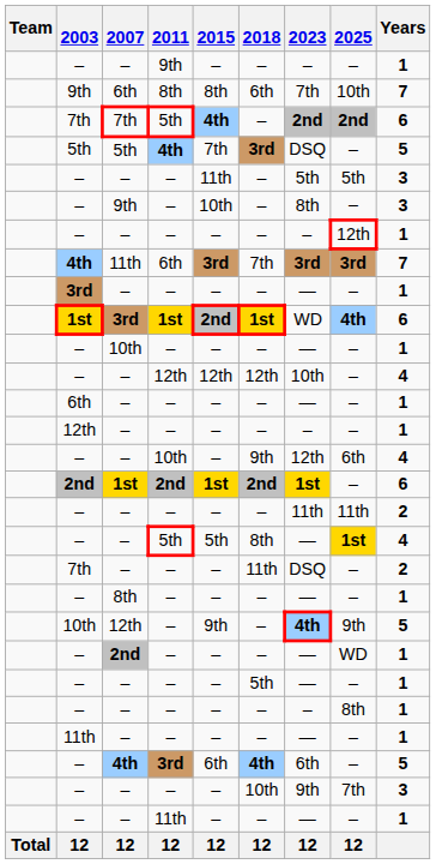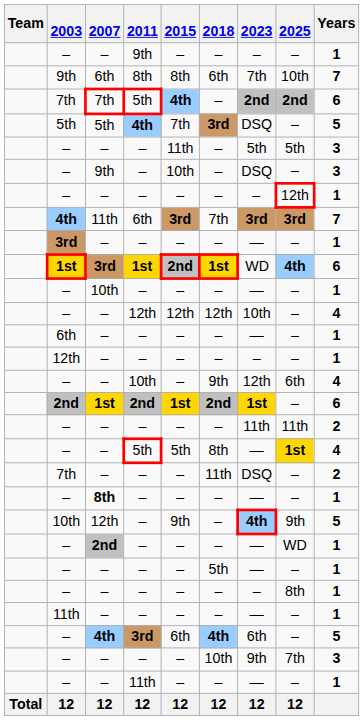 <table class="wikitable" style="text-align: center">
 <tr>
 <th>Team</th>
 <th><br><a href='#'>2003</a></th>
 <th><br><a href='#'>2007</a></th>
 <th><br><a href='#'>2011</a></th>
 <th><br><a href='#'>2015</a></th>
 <th><br><a href='#'>2018</a></th>
 <th><br><a href='#'>2023</a></th>
 <th><br><a href='#'>2025</a></th>
 <th>Years</th>
 </tr>
 <tr>
 <td align=left></td>
 <td>–</td>
 <td>–</td>
 <td>9th</td>
 <td>–</td>
 <td>–</td>
 <td>–</td>
 <td>–</td>
 <td><strong>1</strong></td>
 </tr>
 <tr>
 <td align=left></td>
 <td>9th</td>
 <td>6th</td>
 <td>8th</td>
 <td>8th</td>
 <td>6th</td>
 <td>7th</td>
 <td>10th</td>
 <td><strong>7</strong></td>
 </tr>
 <tr>
 <td align=left></td>
 <td>7th</td>
 <td style="border:3px solid red">7th</td>
 <td style="border:3px solid red">5th</td>
 <td bgcolor=9acdff><strong>4th</strong></td>
 <td>–</td>
 <td bgcolor=silver><strong>2nd</strong></td>
 <td bgcolor=silver><strong>2nd</strong></td>
 <td><strong>6</strong></td>
 </tr>
 <tr>
 <td align=left></td>
 <td>5th</td>
 <td>5th</td>
 <td bgcolor=9acdff><strong>4th</strong></td>
 <td>7th</td>
 <td bgcolor=cc9966><strong>3rd</strong></td>
 <td>DSQ</td>
 <td>–</td>
 <td><strong>5</strong></td>
 </tr>
 <tr>
 <td align=left></td>
 <td>–</td>
 <td>–</td>
 <td>–</td>
 <td>11th</td>
 <td>–</td>
 <td>5th</td>
 <td>5th</td>
 <td><strong>3</strong></td>
 </tr>
 <tr>
 <td align=left></td>
 <td>–</td>
 <td>9th</td>
 <td>–</td>
 <td>10th</td>
 <td>–</td>
-<td>8th</td>
+<td>DSQ</td>
 <td>–</td>
 <td><strong>3</strong></td>
 </tr>
 <tr>
 <td align=left></td>
 <td>–</td>
 <td>–</td>
 <td>–</td>
 <td>–</td>
 <td>–</td>
 <td>–</td>
 <td style="border:3px solid red">12th</td>
 <td><strong>1</strong></td>
 </tr>
 <tr>
 <td align=left></td>
 <td bgcolor=9acdff><strong>4th</strong></td>
 <td>11th</td>
 <td>6th</td>
 <td bgcolor=cc9966><strong>3rd</strong></td>
 <td>7th</td>
 <td bgcolor=cc9966><strong>3rd</strong></td>
 <td bgcolor=cc9966><strong>3rd</strong></td>
 <td><strong>7</strong></td>
 </tr>
 <tr>
 <td align=left></td>
 <td bgcolor=cc9966><strong>3rd</strong></td>
 <td>–</td>
 <td>–</td>
 <td>–</td>
 <td>–</td>
 <td>—</td>
 <td>–</td>
 <td><strong>1</strong></td>
 </tr>
 <tr>
 <td align=left></td>
 <td bgcolor=gold style="border:3px solid red"><strong>1st</strong></td>
 <td bgcolor=cc9966><strong>3rd</strong></td>
 <td bgcolor=gold><strong>1st</strong></td>
 <td bgcolor=silver style="border:3px solid red"><strong>2nd</strong></td>
 <td bgcolor=gold style="border:3px solid red"><strong>1st</strong></td>
 <td>WD</td>
 <td bgcolor=9acdff><strong>4th</strong></td>
 <td><strong>6</strong></td>
 </tr>
 <tr>
 <td align=left></td>
 <td>–</td>
 <td>10th</td>
 <td>–</td>
 <td>–</td>
 <td>–</td>
 <td>—</td>
 <td>–</td>
 <td><strong>1</strong></td>
 </tr>
 <tr>
 <td align=left></td>
 <td>–</td>
 <td>–</td>
 <td>12th</td>
 <td>12th</td>
 <td>12th</td>
 <td>10th</td>
 <td>–</td>
 <td><strong>4</strong></td>
 </tr>
 <tr>
 <td align=left></td>
 <td>6th</td>
 <td>–</td>
 <td>–</td>
 <td>–</td>
 <td>–</td>
 <td>—</td>
 <td>–</td>
 <td><strong>1</strong></td>
 </tr>
 <tr>
 <td align=left></td>
 <td>12th</td>
 <td>–</td>
 <td>–</td>
 <td>–</td>
 <td>–</td>
 <td>–</td>
 <td>–</td>
 <td><strong>1</strong></td>
 </tr>
 <tr>
 <td align=left></td>
 <td>–</td>
 <td>–</td>
 <td>10th</td>
 <td>–</td>
 <td>9th</td>
 <td>12th</td>
 <td>6th</td>
 <td><strong>4</strong></td>
 </tr>
 <tr>
 <td align=left></td>
 <td bgcolor=silver><strong>2nd</strong></td>
 <td bgcolor=gold><strong>1st</strong></td>
 <td bgcolor=silver><strong>2nd</strong></td>
 <td bgcolor=gold><strong>1st</strong></td>
 <td bgcolor=silver><strong>2nd</strong></td>
 <td bgcolor=gold><strong>1st</strong></td>
 <td>–</td>
 <td><strong>6</strong></td>
 </tr>
 <tr>
 <td align=left></td>
 <td>–</td>
 <td>–</td>
 <td>–</td>
 <td>–</td>
 <td>–</td>
 <td>11th</td>
 <td>11th</td>
 <td><strong>2</strong></td>
 </tr>
 <tr>
 <td align=left></td>
 <td>–</td>
 <td>–</td>
 <td style="border:3px solid red">5th</td>
 <td>5th</td>
 <td>8th</td>
 <td>—</td>
 <td bgcolor=gold><strong>1st</strong></td>
 <td><strong>4</strong></td>
 </tr>
 <tr>
 <td align=left></td>
 <td>7th</td>
 <td>–</td>
 <td>–</td>
 <td>–</td>
 <td>11th</td>
 <td>DSQ</td>
 <td>–</td>
 <td><strong>2</strong></td>
 </tr>
 <tr>
 <td align=left></td>
 <td>–</td>
-<td>8th</td>
+<td><strong>8th</strong></td>
 <td>–</td>
 <td>–</td>
 <td>–</td>
 <td>—</td>
 <td>–</td>
 <td><strong>1</strong></td>
 </tr>
 <tr>
 <td align=left></td>
 <td>10th</td>
 <td>12th</td>
 <td>–</td>
 <td>9th</td>
 <td>–</td>
 <td style="border:3px solid red" bgcolor=9acdff><strong>4th</strong></td>
 <td>9th</td>
 <td><strong>5</strong></td>
 </tr>
 <tr>
 <td align=left></td>
 <td>–</td>
 <td bgcolor=silver><strong>2nd</strong></td>
 <td>–</td>
 <td>–</td>
 <td>–</td>
 <td>—</td>
 <td>WD</td>
 <td><strong>1</strong></td>
 </tr>
 <tr>
 <td align=left></td>
 <td>–</td>
 <td>–</td>
 <td>–</td>
 <td>–</td>
 <td>5th</td>
 <td>—</td>
 <td>–</td>
 <td><strong>1</strong></td>
 </tr>
 <tr>
 <td align=left></td>
 <td>–</td>
 <td>–</td>
 <td>–</td>
 <td>–</td>
 <td>–</td>
 <td>–</td>
 <td>8th</td>
 <td><strong>1</strong></td>
 </tr>
 <tr>
 <td align=left></td>
 <td>11th</td>
 <td>–</td>
 <td>–</td>
 <td>–</td>
 <td>–</td>
 <td>—</td>
 <td>–</td>
 <td><strong>1</strong></td>
 </tr>
 <tr>
 <td align=left></td>
 <td>–</td>
 <td bgcolor=9acdff><strong>4th</strong></td>
 <td bgcolor=cc9966><strong>3rd</strong></td>
 <td>6th</td>
 <td bgcolor=9acdff><strong>4th</strong></td>
 <td>6th</td>
 <td>–</td>
 <td><strong>5</strong></td>
 </tr>
 <tr>
 <td align=left></td>
 <td>–</td>
 <td>–</td>
 <td>–</td>
 <td>–</td>
 <td>10th</td>
 <td>9th</td>
 <td>7th</td>
 <td><strong>3</strong></td>
 </tr>
 <tr>
 <td align=left></td>
 <td>–</td>
 <td>–</td>
 <td>11th</td>
 <td>–</td>
 <td>–</td>
 <td>—</td>
 <td>–</td>
 <td><strong>1</strong></td>
 </tr>
 <tr>
 <th>Total</th>
 <th>12</th>
 <th>12</th>
 <th>12</th>
 <th>12</th>
 <th>12</th>
 <th>12</th>
 <th>12</th>
 <th></th>
 </tr>
 </table>
